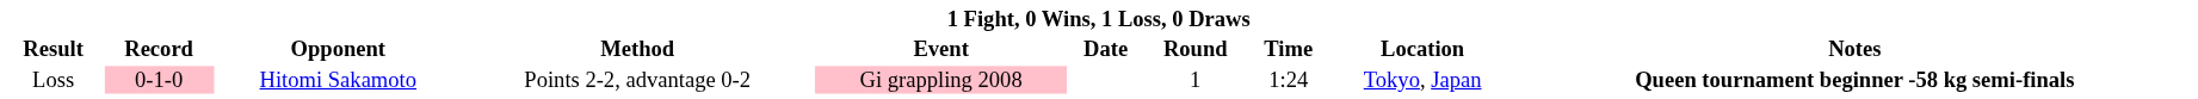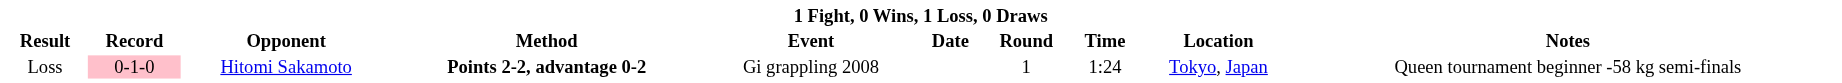 <table class="toccolours" width=100% style="clear:both; margin:1.5em auto; text-align:center;">
 <tr>
 <th colspan=10 style="background:white">1 Fight, 0 Wins, 1 Loss, 0 Draws</th>
 </tr>
 <tr>
 <th>Result</th>
 <th>Record</th>
 <th>Opponent</th>
 <th>Method</th>
 <th>Event</th>
 <th>Date</th>
 <th>Round</th>
 <th>Time</th>
 <th>Location</th>
 <th>Notes</th>
 </tr>
 <tr>
 <td>Loss</td>
 <td align="center" style="background: pink;">0-1-0</td>
 <td> <a href='#'>Hitomi Sakamoto</a></td>
-<td>Points 2-2, advantage 0-2</td>
-<td style="background: pink;">Gi grappling 2008</td>
+<td><strong>Points 2-2, advantage 0-2</strong></td>
+<td>Gi grappling 2008</td>
 <td></td>
 <td align="center">1</td>
 <td align="center">1:24</td>
 <td><a href='#'>Tokyo</a>, <a href='#'>Japan</a></td>
-<td><strong>Queen tournament beginner -58 kg semi-finals</strong></td>
+<td>Queen tournament beginner -58 kg semi-finals</td>
 </tr>
 </table>
